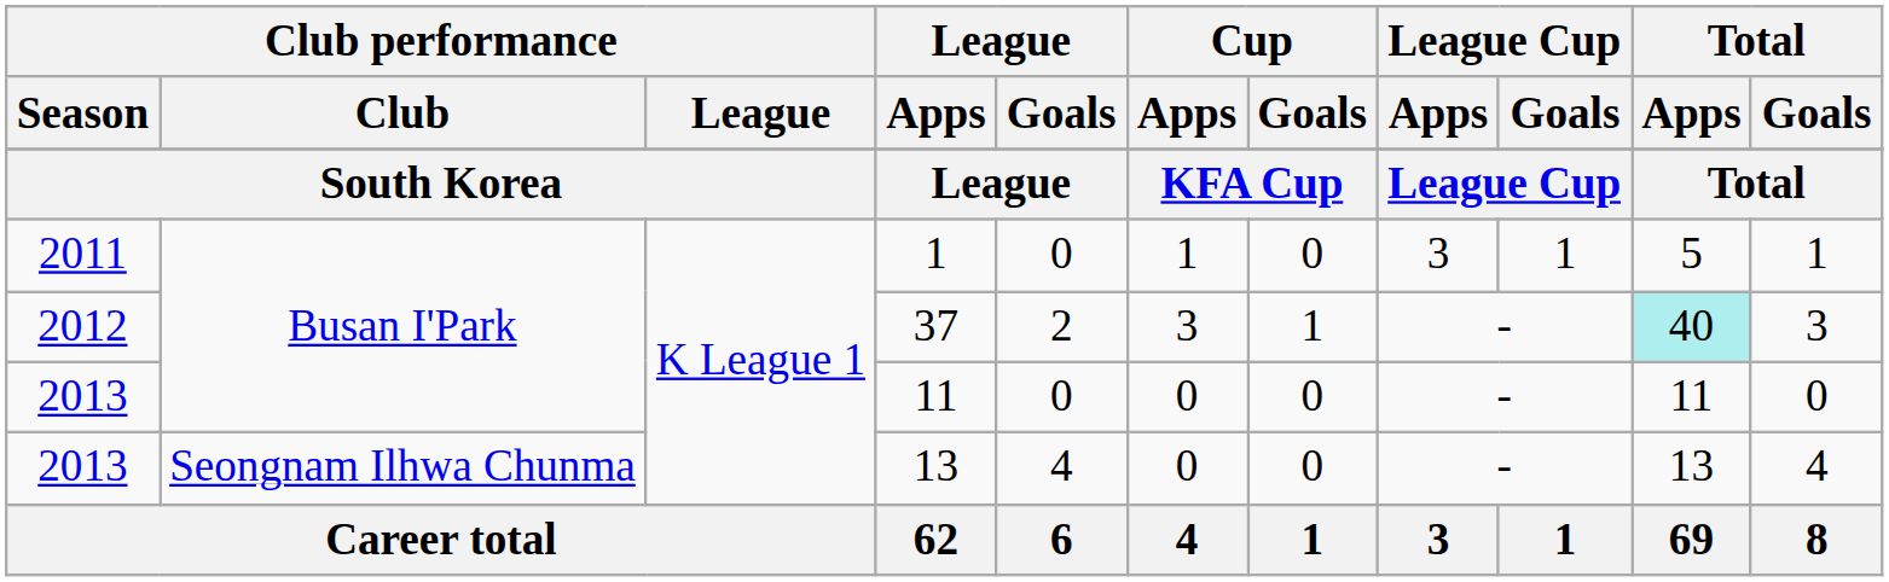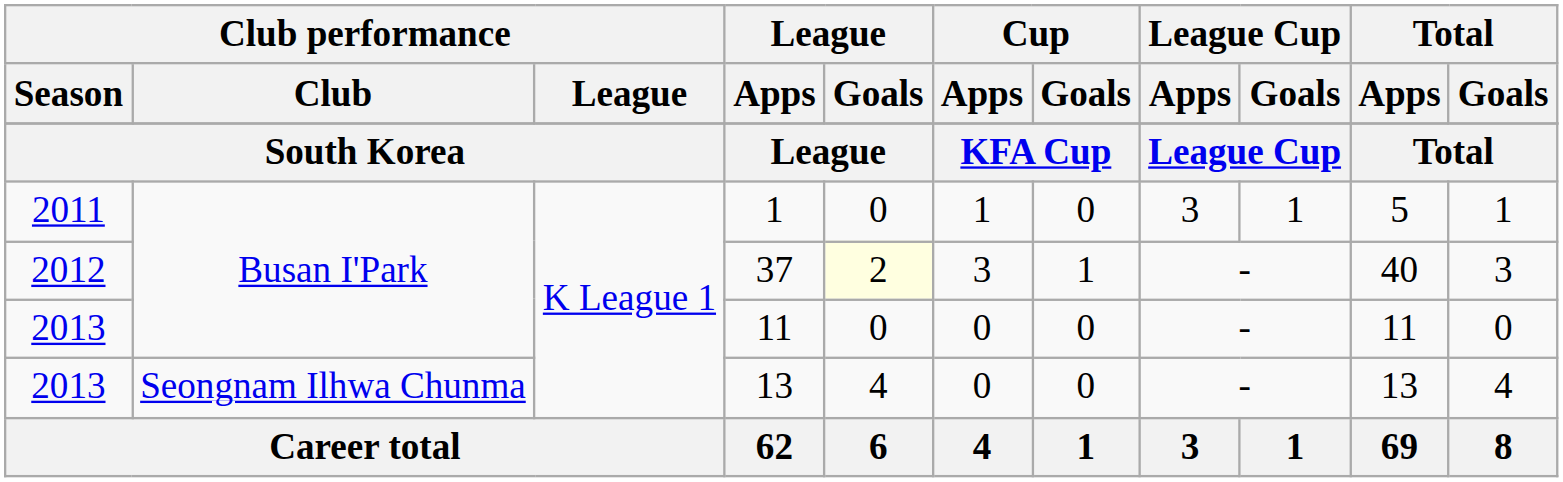 <table class="wikitable" style="text-align:center">
 <tr>
 <th colspan=3>Club performance</th>
 <th colspan=2>League</th>
 <th colspan=2>Cup</th>
 <th colspan=2>League Cup</th>
 <th colspan=2>Total</th>
 </tr>
 <tr>
 <th>Season</th>
 <th>Club</th>
 <th>League</th>
 <th>Apps</th>
 <th>Goals</th>
 <th>Apps</th>
 <th>Goals</th>
 <th>Apps</th>
 <th>Goals</th>
 <th>Apps</th>
 <th>Goals</th>
 </tr>
 <tr>
 </tr>
 <tr>
 <th colspan=3>South Korea</th>
 <th colspan=2>League</th>
 <th colspan=2><a href='#'>KFA Cup</a></th>
 <th colspan=2><a href='#'>League Cup</a></th>
 <th colspan=2>Total</th>
 </tr>
 <tr>
 <td><a href='#'>2011</a></td>
 <td rowspan="3"><a href='#'>Busan I'Park</a></td>
 <td rowspan="4"><a href='#'>K League 1</a></td>
 <td>1</td>
 <td>0</td>
 <td>1</td>
 <td>0</td>
 <td>3</td>
 <td>1</td>
 <td>5</td>
 <td>1</td>
 </tr>
 <tr>
 <td><a href='#'>2012</a></td>
 <td>37</td>
-<td>2</td>
+<td style="background: lightyellow;">2</td>
 <td>3</td>
 <td>1</td>
 <td colspan="2">-</td>
-<td style="background: paleturquoise;">40</td>
+<td>40</td>
 <td>3</td>
 </tr>
 <tr>
 <td><a href='#'>2013</a></td>
 <td>11</td>
 <td>0</td>
 <td>0</td>
 <td>0</td>
 <td colspan="2">-</td>
 <td>11</td>
 <td>0</td>
 </tr>
 <tr>
 <td><a href='#'>2013</a></td>
 <td rowspan="1"><a href='#'>Seongnam Ilhwa Chunma</a></td>
 <td>13</td>
 <td>4</td>
 <td>0</td>
 <td>0</td>
 <td colspan="2">-</td>
 <td>13</td>
 <td>4</td>
 </tr>
 <tr>
 <th colspan=3>Career total</th>
 <th>62</th>
 <th>6</th>
 <th>4</th>
 <th>1</th>
 <th>3</th>
 <th>1</th>
 <th>69</th>
 <th>8</th>
 </tr>
 </table>
